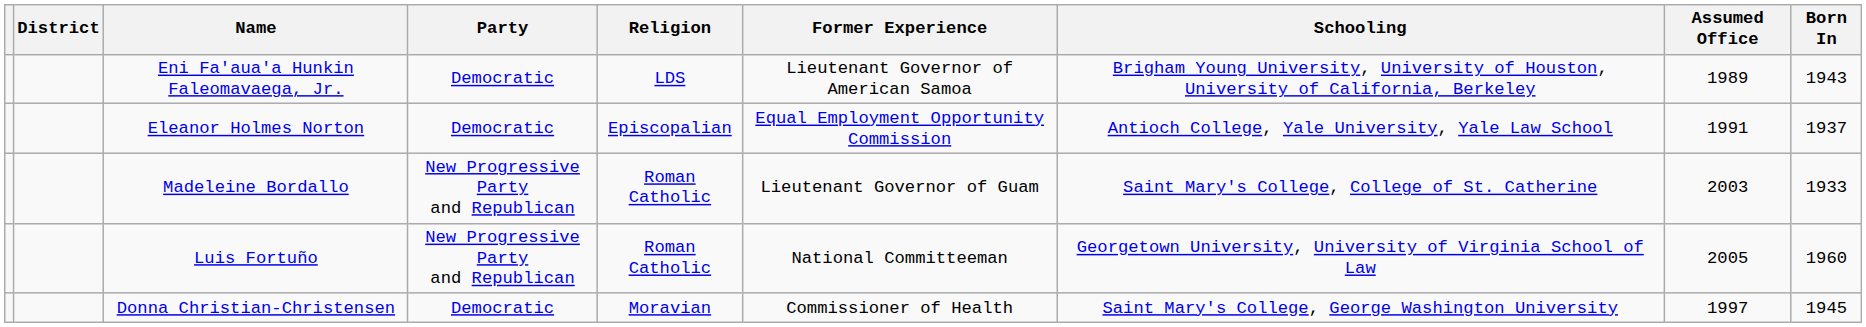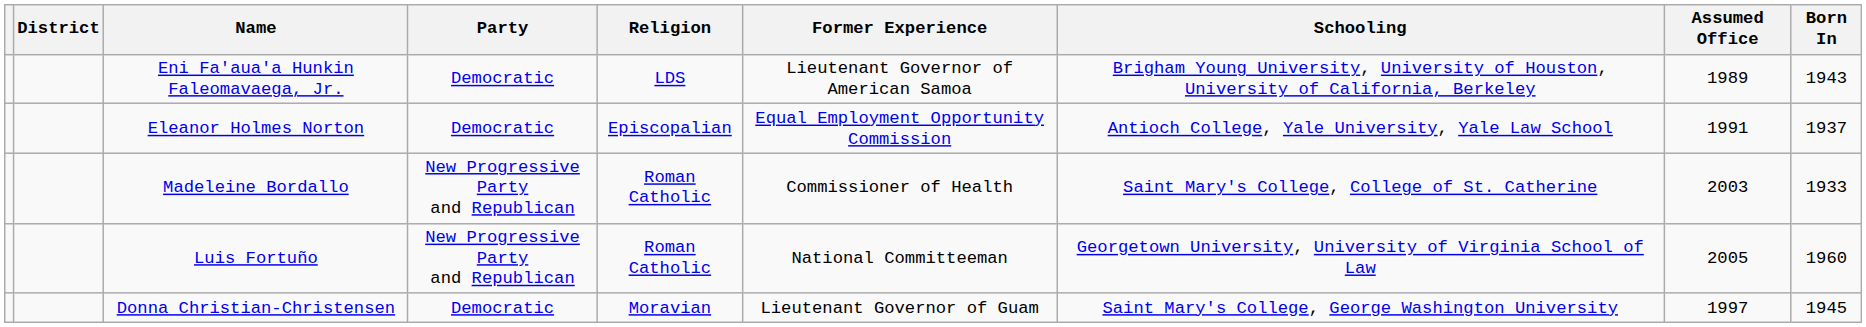 <table class="sortable wikitable" style="text-align:center; font-size:90%; width:100%;">
 <tr>
 <th></th>
 <th>District</th>
 <th>Name</th>
 <th>Party</th>
 <th>Religion</th>
 <th>Former Experience</th>
 <th>Schooling</th>
 <th>Assumed Office</th>
 <th>Born In</th>
 </tr>
 <tr>
 <td style="background-color:"></td>
 <td></td>
 <td><a href='#'>Eni Fa'aua'a Hunkin Faleomavaega, Jr.</a></td>
 <td><a href='#'>Democratic</a></td>
 <td><a href='#'>LDS</a></td>
 <td>Lieutenant Governor of American Samoa</td>
 <td><a href='#'>Brigham Young University</a>, <a href='#'>University of Houston</a>, <a href='#'>University of California, Berkeley</a></td>
 <td>1989</td>
 <td>1943</td>
 </tr>
 <tr>
 <td style="background-color:"></td>
 <td></td>
 <td><a href='#'>Eleanor Holmes Norton</a></td>
 <td><a href='#'>Democratic</a></td>
 <td><a href='#'>Episcopalian</a></td>
 <td><a href='#'>Equal Employment Opportunity Commission</a></td>
 <td><a href='#'>Antioch College</a>, <a href='#'>Yale University</a>, <a href='#'>Yale Law School</a></td>
 <td>1991</td>
 <td>1937</td>
 </tr>
 <tr>
 <td style="background-color:"></td>
 <td></td>
 <td><a href='#'>Madeleine Bordallo</a></td>
 <td><a href='#'>New Progressive Party</a><br>and <a href='#'>Republican</a></td>
 <td><a href='#'>Roman Catholic</a></td>
-<td>Lieutenant Governor of Guam</td>
+<td>Commissioner of Health</td>
 <td><a href='#'>Saint Mary's College</a>, <a href='#'>College of St. Catherine</a></td>
 <td>2003</td>
 <td>1933</td>
 </tr>
 <tr>
 <td style="background-color:"></td>
 <td></td>
 <td><a href='#'>Luis Fortuño</a></td>
 <td><a href='#'>New Progressive Party</a><br>and <a href='#'>Republican</a></td>
 <td><a href='#'>Roman Catholic</a></td>
 <td>National Committeeman</td>
 <td><a href='#'>Georgetown University</a>, <a href='#'>University of Virginia School of Law</a></td>
 <td>2005</td>
 <td>1960</td>
 </tr>
 <tr>
 <td style="background-color:"></td>
 <td></td>
 <td><a href='#'>Donna Christian-Christensen</a></td>
 <td><a href='#'>Democratic</a></td>
 <td><a href='#'>Moravian</a></td>
-<td>Commissioner of Health</td>
+<td>Lieutenant Governor of Guam</td>
 <td><a href='#'>Saint Mary's College</a>, <a href='#'>George Washington University</a></td>
 <td>1997</td>
 <td>1945</td>
 </tr>
 </table>
